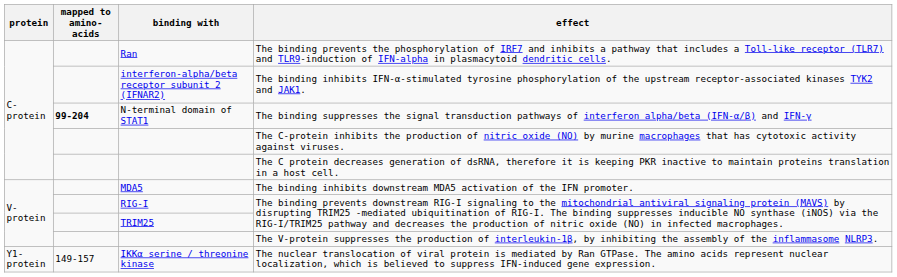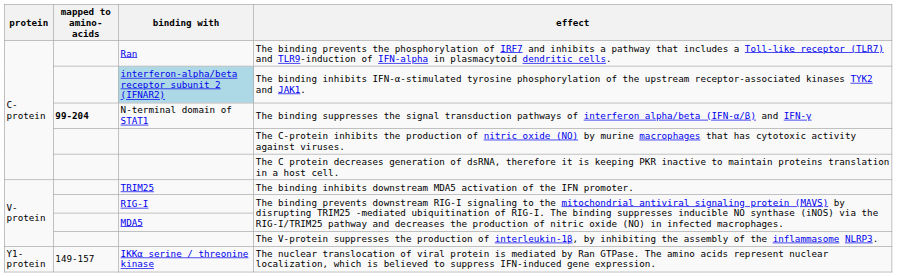 <table class="wikitable">
 <tr>
 <th>protein</th>
 <th>mapped to amino-acids</th>
 <th>binding with</th>
 <th>effect</th>
 </tr>
 <tr>
 <td rowspan="5">C-protein</td>
 <td></td>
 <td><a href='#'>Ran</a></td>
 <td>The binding prevents the phosphorylation of <a href='#'>IRF7</a> and inhibits a pathway that includes a <a href='#'>Toll-like receptor (TLR7)</a> and <a href='#'>TLR9</a>-induction of <a href='#'>IFN-alpha</a> in plasmacytoid <a href='#'>dendritic cells</a>.</td>
 </tr>
 <tr>
 <td></td>
-<td><a href='#'>interferon-alpha/beta receptor subunit 2 (IFNAR2)</a></td>
+<td style="background: lightblue;"><a href='#'>interferon-alpha/beta receptor subunit 2 (IFNAR2)</a></td>
 <td>The binding inhibits IFN-α-stimulated tyrosine phosphorylation of the upstream receptor-associated kinases <a href='#'>TYK2</a> and <a href='#'>JAK1</a>.</td>
 </tr>
 <tr>
 <td><strong>99-204</strong></td>
 <td>N-terminal domain of <a href='#'>STAT1</a></td>
 <td>The binding suppresses the signal transduction pathways of <a href='#'>interferon alpha/beta (IFN-α/β)</a> and <a href='#'>IFN-γ</a></td>
 </tr>
 <tr>
 <td></td>
 <td></td>
 <td>The C-protein inhibits the production of <a href='#'>nitric oxide (NO)</a> by murine <a href='#'>macrophages</a> that has cytotoxic activity against viruses.</td>
 </tr>
 <tr>
 <td></td>
 <td></td>
 <td>The C protein decreases generation of dsRNA, therefore it is keeping PKR inactive to maintain proteins translation in a host cell.</td>
 </tr>
 <tr>
 <td rowspan="4">V-protein</td>
 <td></td>
-<td><a href='#'>MDA5</a></td>
+<td><a href='#'>TRIM25</a></td>
 <td>The binding inhibits downstream MDA5 activation of the IFN promoter.</td>
 </tr>
 <tr>
 <td></td>
 <td><a href='#'>RIG-I</a></td>
 <td rowspan="2">The binding prevents downstream RIG-I signaling to the <a href='#'>mitochondrial antiviral signaling protein (MAVS)</a> by disrupting TRIM25 -mediated ubiquitination of RIG-I. The binding suppresses inducible NO synthase (iNOS)  via the RIG-I/TRIM25 pathway and decreases the production of nitric oxide (NO) in infected macrophages.</td>
 </tr>
 <tr>
 <td></td>
-<td><a href='#'>TRIM25</a></td>
+<td><a href='#'>MDA5</a></td>
 </tr>
 <tr>
 <td></td>
 <td></td>
 <td>The V-protein suppresses the production of <a href='#'>interleukin-1β</a>, by inhibiting the assembly of the <a href='#'>inflammasome</a> <a href='#'>NLRP3</a>.</td>
 </tr>
 <tr>
 <td>Y1-protein</td>
 <td>149-157</td>
 <td><a href='#'>IKKα serine / threonine kinase</a></td>
 <td>The nuclear translocation of viral protein is mediated by Ran GTPase. The amino acids represent nuclear localization, which is believed to suppress IFN-induced gene expression.</td>
 </tr>
 </table>
